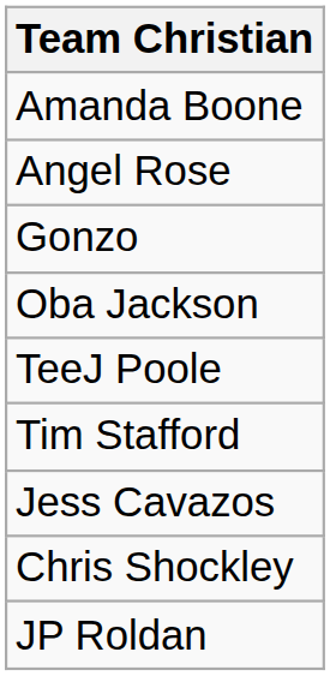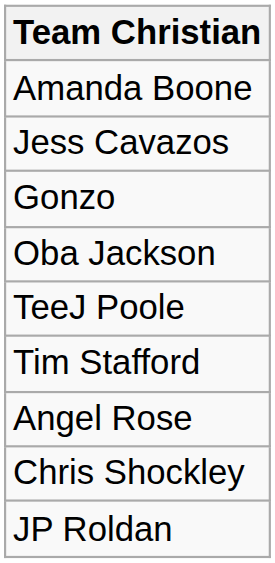 <table class="wikitable" style="display: inline-table;">
 <tr>
 <th>Team Christian</th>
 </tr>
 <tr>
 <td>Amanda Boone</td>
 </tr>
 <tr>
-<td>Angel Rose</td>
+<td>Jess Cavazos</td>
 </tr>
 <tr>
 <td>Gonzo</td>
 </tr>
 <tr>
 <td>Oba Jackson</td>
 </tr>
 <tr>
 <td>TeeJ Poole</td>
 </tr>
 <tr>
 <td>Tim Stafford</td>
 </tr>
 <tr>
-<td>Jess Cavazos</td>
+<td>Angel Rose</td>
 </tr>
 <tr>
 <td>Chris Shockley</td>
 </tr>
 <tr>
 <td>JP Roldan</td>
 </tr>
 </table>
